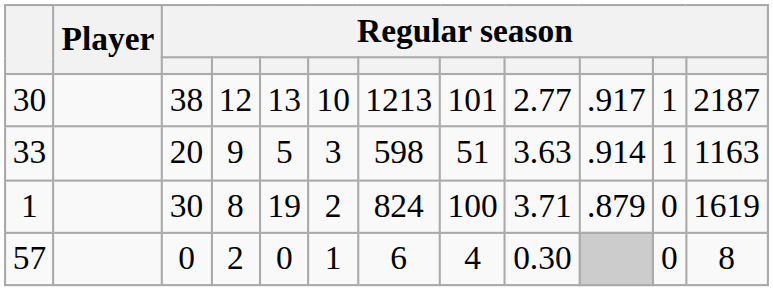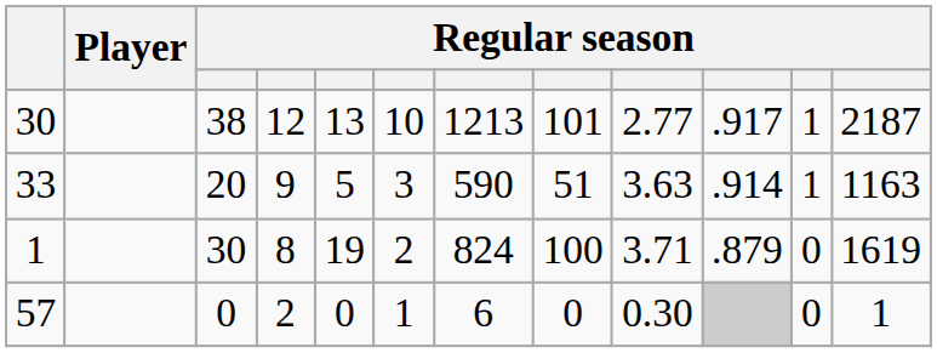 <table class="wikitable plainrowheaders" style="text-align:center;">
 <tr>
 <th scope="col" rowspan="2"></th>
 <th scope="col" rowspan="2">Player</th>
 <th scope=colgroup colspan=10>Regular season</th>
 </tr>
 <tr>
 <th scope="col"></th>
 <th scope="col"></th>
 <th scope="col"></th>
 <th scope="col"></th>
 <th scope="col"></th>
 <th scope="col"></th>
 <th scope="col"></th>
 <th scope="col"></th>
 <th scope="col"></th>
 <th scope="col"></th>
 </tr>
 <tr>
 <td scope="row">30</td>
 <td align="left"></td>
 <td>38</td>
 <td>12</td>
 <td>13</td>
 <td>10</td>
 <td>1213</td>
 <td>101</td>
 <td>2.77</td>
 <td>.917</td>
 <td>1</td>
 <td>2187</td>
 </tr>
 <tr>
 <td scope="row">33</td>
 <td align="left"></td>
 <td>20</td>
 <td>9</td>
 <td>5</td>
 <td>3</td>
-<td>598</td>
+<td>590</td>
 <td>51</td>
 <td>3.63</td>
 <td>.914</td>
 <td>1</td>
 <td>1163</td>
 </tr>
 <tr>
 <td scope="row">1</td>
 <td align="left"></td>
 <td>30</td>
 <td>8</td>
 <td>19</td>
 <td>2</td>
 <td>824</td>
 <td>100</td>
 <td>3.71</td>
 <td>.879</td>
 <td>0</td>
 <td>1619</td>
 </tr>
 <tr>
 <td scope="row">57</td>
 <td align="left"></td>
 <td>0</td>
 <td>2</td>
 <td>0</td>
 <td>1</td>
 <td>6</td>
-<td>4</td>
+<td>0</td>
 <td>0.30</td>
 <td style="background:#ccc"></td>
 <td>0</td>
-<td>8</td>
+<td>1</td>
 </tr>
 </table>
